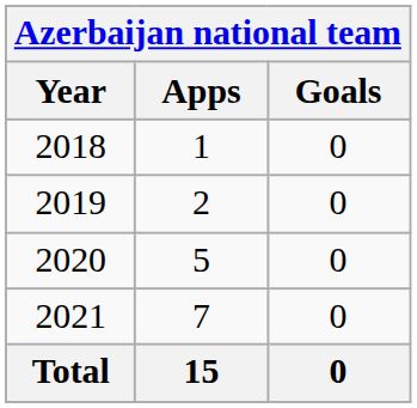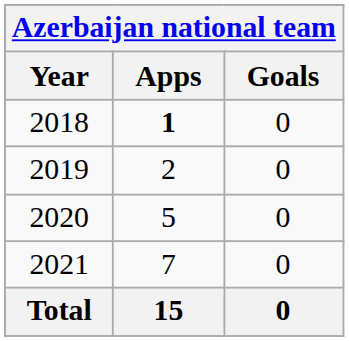 <table class="wikitable" style="text-align:center">
 <tr>
 <th colspan=3><a href='#'>Azerbaijan national team</a></th>
 </tr>
 <tr>
 <th>Year</th>
 <th>Apps</th>
 <th>Goals</th>
 </tr>
 <tr>
 <td>2018</td>
-<td>1</td>
+<td><strong>1</strong></td>
 <td>0</td>
 </tr>
 <tr>
 <td>2019</td>
 <td>2</td>
 <td>0</td>
 </tr>
 <tr>
 <td>2020</td>
 <td>5</td>
 <td>0</td>
 </tr>
 <tr>
 <td>2021</td>
 <td>7</td>
 <td>0</td>
 </tr>
 <tr>
 <th>Total</th>
 <th>15</th>
 <th>0</th>
 </tr>
 </table>
